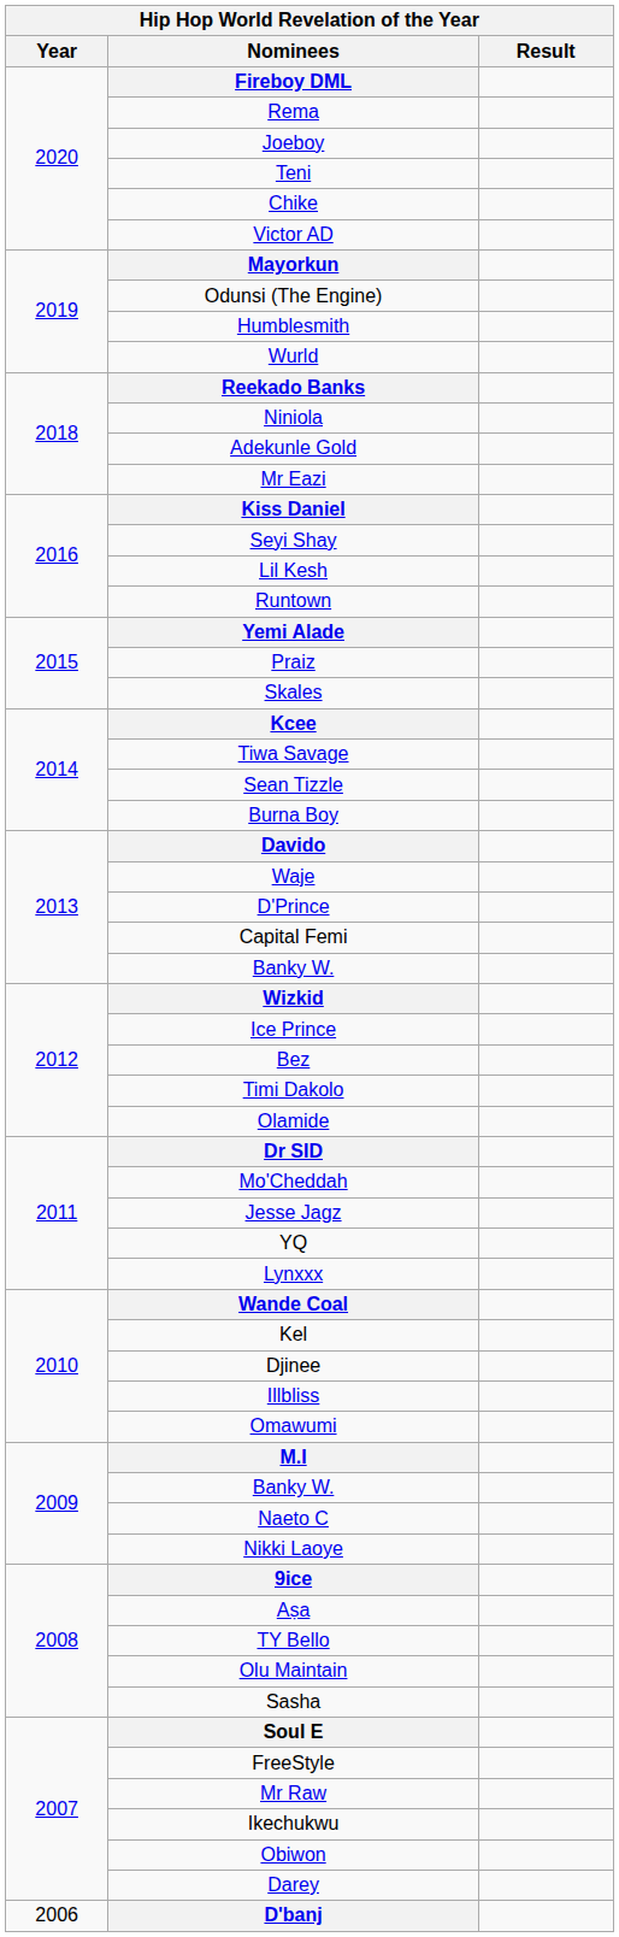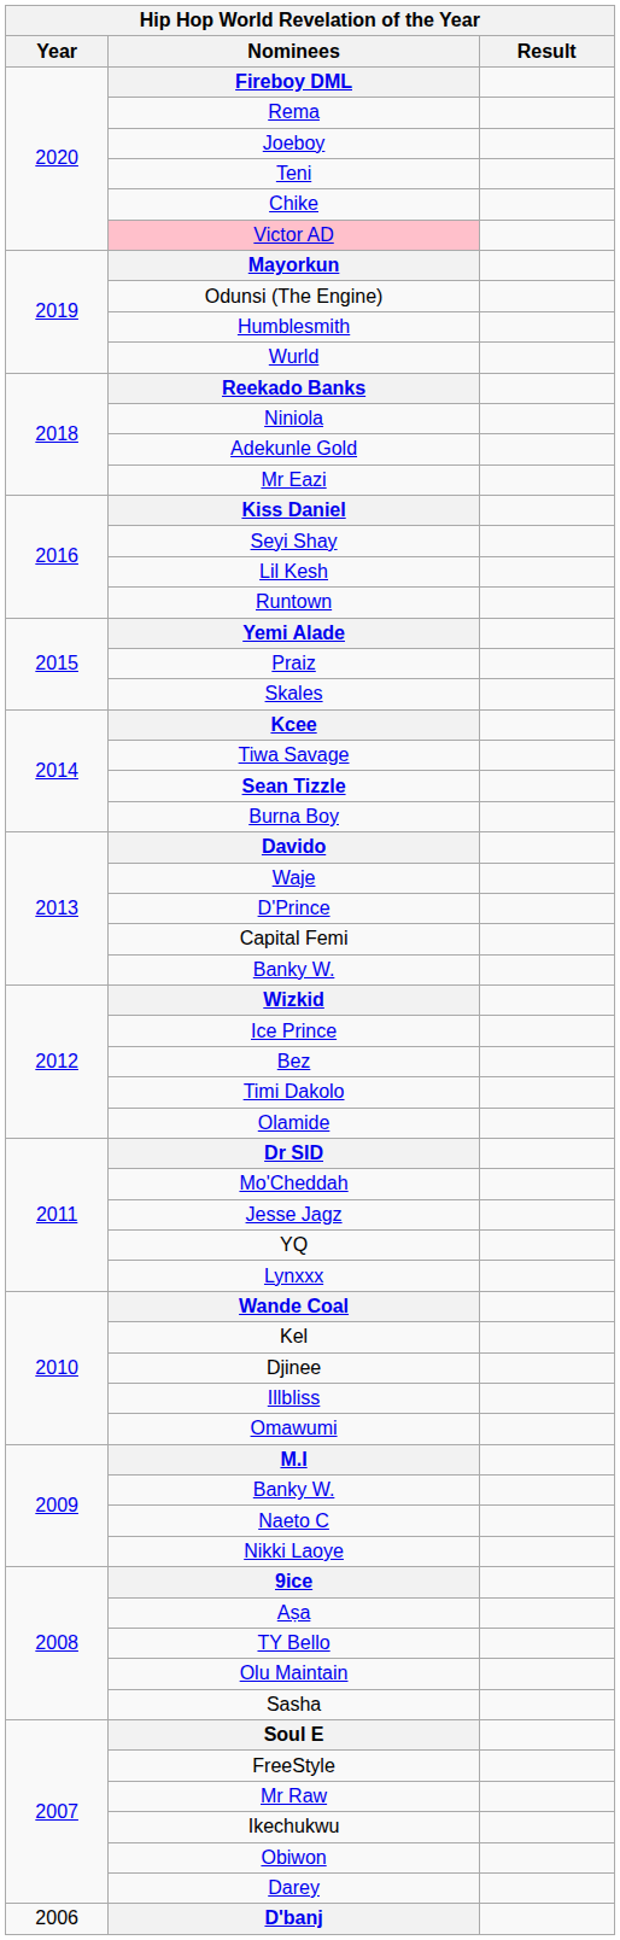 <table class="wikitable"  style="text-align:center; width:40%;">
 <tr>
 <th colspan="4">Hip Hop World Revelation of the Year</th>
 </tr>
 <tr>
 <th>Year</th>
 <th>Nominees</th>
 <th>Result</th>
 </tr>
 <tr>
 <td rowspan="6"><a href='#'>2020</a></td>
 <th><a href='#'>Fireboy DML</a></th>
 <td></td>
 </tr>
 <tr>
 <td><a href='#'>Rema</a></td>
 <td></td>
 </tr>
 <tr>
 <td><a href='#'>Joeboy</a></td>
 <td></td>
 </tr>
 <tr>
 <td><a href='#'>Teni</a></td>
 <td></td>
 </tr>
 <tr>
 <td><a href='#'>Chike</a></td>
 <td></td>
 </tr>
 <tr>
-<td><a href='#'>Victor AD</a></td>
+<td style="background: pink;"><a href='#'>Victor AD</a></td>
 <td></td>
 </tr>
 <tr>
 <td rowspan="4"><a href='#'>2019</a></td>
 <th><a href='#'>Mayorkun</a></th>
 <td></td>
 </tr>
 <tr>
 <td>Odunsi (The Engine)</td>
 <td></td>
 </tr>
 <tr>
 <td><a href='#'>Humblesmith</a></td>
 <td></td>
 </tr>
 <tr>
 <td><a href='#'>Wurld</a></td>
 <td></td>
 </tr>
 <tr>
 <td rowspan="4"><a href='#'>2018</a></td>
 <th><a href='#'>Reekado Banks</a></th>
 <td></td>
 </tr>
 <tr>
 <td><a href='#'>Niniola</a></td>
 <td></td>
 </tr>
 <tr>
 <td><a href='#'>Adekunle Gold</a></td>
 <td></td>
 </tr>
 <tr>
 <td><a href='#'>Mr Eazi</a></td>
 <td></td>
 </tr>
 <tr>
 <td rowspan="4"><a href='#'>2016</a></td>
 <th><a href='#'>Kiss Daniel</a></th>
 <td></td>
 </tr>
 <tr>
 <td><a href='#'>Seyi Shay</a></td>
 <td></td>
 </tr>
 <tr>
 <td><a href='#'>Lil Kesh</a></td>
 <td></td>
 </tr>
 <tr>
 <td><a href='#'>Runtown</a></td>
 <td></td>
 </tr>
 <tr>
 <td rowspan="3"><a href='#'>2015</a></td>
 <th><a href='#'>Yemi Alade</a></th>
 <td></td>
 </tr>
 <tr>
 <td><a href='#'>Praiz</a></td>
 <td></td>
 </tr>
 <tr>
 <td><a href='#'>Skales</a></td>
 <td></td>
 </tr>
 <tr>
 <td rowspan="4"><a href='#'>2014</a></td>
 <th><a href='#'>Kcee</a></th>
 <td></td>
 </tr>
 <tr>
 <td><a href='#'>Tiwa Savage</a></td>
 <td></td>
 </tr>
 <tr>
-<td><a href='#'>Sean Tizzle</a></td>
+<td><strong><a href='#'>Sean Tizzle</a></strong></td>
 <td></td>
 </tr>
 <tr>
 <td><a href='#'>Burna Boy</a></td>
 <td></td>
 </tr>
 <tr>
 <td rowspan="5"><a href='#'>2013</a></td>
 <th><a href='#'>Davido</a></th>
 <td></td>
 </tr>
 <tr>
 <td><a href='#'>Waje</a></td>
 <td></td>
 </tr>
 <tr>
 <td><a href='#'>D'Prince</a></td>
 <td></td>
 </tr>
 <tr>
 <td>Capital Femi</td>
 <td></td>
 </tr>
 <tr>
 <td><a href='#'>Banky W.</a></td>
 <td></td>
 </tr>
 <tr>
 <td rowspan="5"><a href='#'>2012</a></td>
 <th><a href='#'>Wizkid</a></th>
 <td></td>
 </tr>
 <tr>
 <td><a href='#'>Ice Prince</a></td>
 <td></td>
 </tr>
 <tr>
 <td><a href='#'>Bez</a></td>
 <td></td>
 </tr>
 <tr>
 <td><a href='#'>Timi Dakolo</a></td>
 <td></td>
 </tr>
 <tr>
 <td><a href='#'>Olamide</a></td>
 <td></td>
 </tr>
 <tr>
 <td rowspan="5"><a href='#'>2011</a></td>
 <th><a href='#'>Dr SID</a></th>
 <td></td>
 </tr>
 <tr>
 <td><a href='#'>Mo'Cheddah</a></td>
 <td></td>
 </tr>
 <tr>
 <td><a href='#'>Jesse Jagz</a></td>
 <td></td>
 </tr>
 <tr>
 <td>YQ</td>
 <td></td>
 </tr>
 <tr>
 <td><a href='#'>Lynxxx</a></td>
 <td></td>
 </tr>
 <tr>
 <td rowspan="5"><a href='#'>2010</a></td>
 <th><a href='#'>Wande Coal</a></th>
 <td></td>
 </tr>
 <tr>
 <td>Kel</td>
 <td></td>
 </tr>
 <tr>
 <td>Djinee</td>
 <td></td>
 </tr>
 <tr>
 <td><a href='#'>Illbliss</a></td>
 <td></td>
 </tr>
 <tr>
 <td><a href='#'>Omawumi</a></td>
 <td></td>
 </tr>
 <tr>
 <td rowspan="4"><a href='#'>2009</a></td>
 <th><a href='#'>M.I</a></th>
 <td></td>
 </tr>
 <tr>
 <td><a href='#'>Banky W.</a></td>
 <td></td>
 </tr>
 <tr>
 <td><a href='#'>Naeto C</a></td>
 <td></td>
 </tr>
 <tr>
 <td><a href='#'>Nikki Laoye</a></td>
 <td></td>
 </tr>
 <tr>
 <td rowspan="5"><a href='#'>2008</a></td>
 <th><a href='#'>9ice</a></th>
 <td></td>
 </tr>
 <tr>
 <td><a href='#'>Aṣa</a></td>
 <td></td>
 </tr>
 <tr>
 <td><a href='#'>TY Bello</a></td>
 <td></td>
 </tr>
 <tr>
 <td><a href='#'>Olu Maintain</a></td>
 <td></td>
 </tr>
 <tr>
 <td>Sasha</td>
 <td></td>
 </tr>
 <tr>
 <td rowspan="6"><a href='#'>2007</a></td>
 <th>Soul E</th>
 <td></td>
 </tr>
 <tr>
 <td>FreeStyle</td>
 <td></td>
 </tr>
 <tr>
 <td><a href='#'>Mr Raw</a></td>
 <td></td>
 </tr>
 <tr>
 <td>Ikechukwu</td>
 <td></td>
 </tr>
 <tr>
 <td><a href='#'>Obiwon</a></td>
 <td></td>
 </tr>
 <tr>
 <td><a href='#'>Darey</a></td>
 <td></td>
 </tr>
 <tr>
 <td>2006</td>
 <th><a href='#'>D'banj</a></th>
 <td></td>
 </tr>
 </table>
